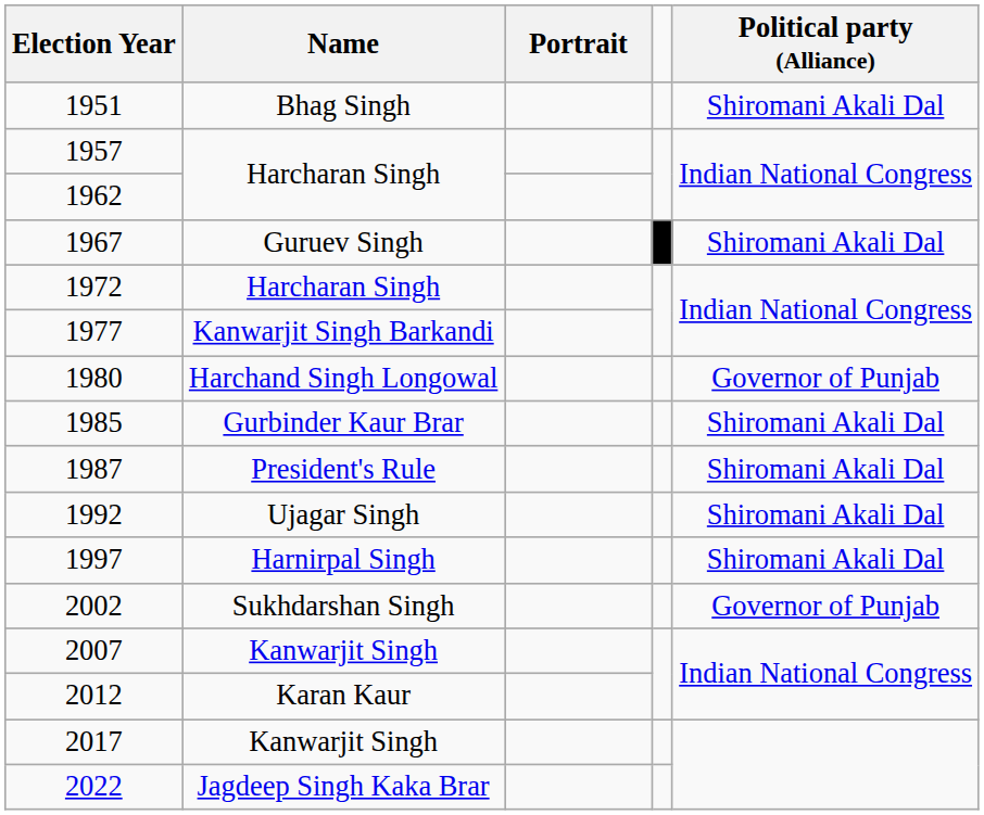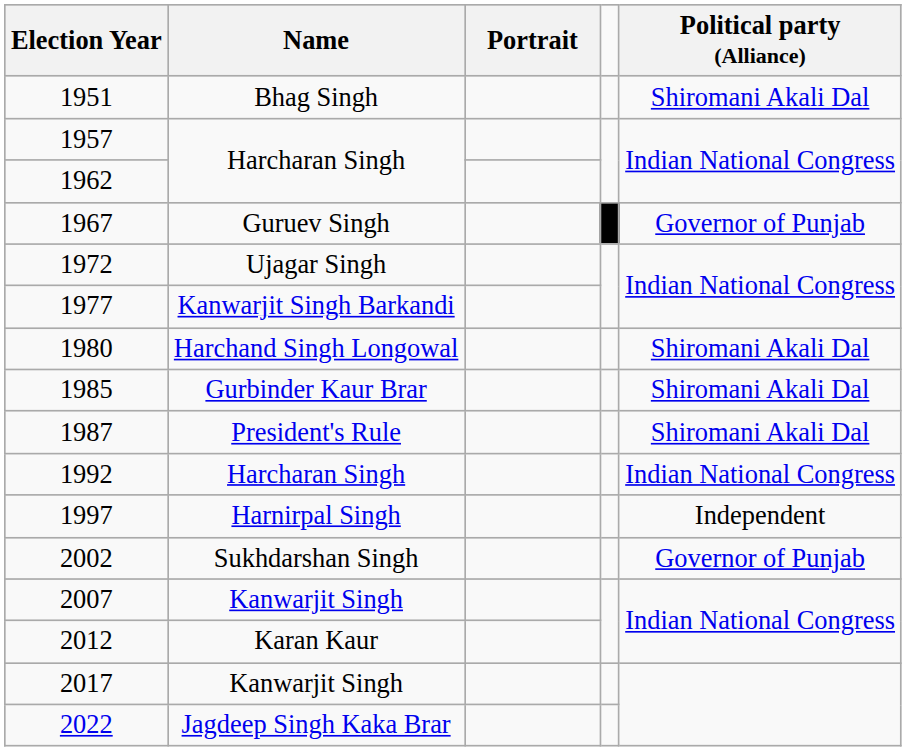 <table class="wikitable sortable">
 <tr align="center">
 <th>Election Year</th>
 <th>Name</th>
 <th width=75>Portrait</th>
 <td></td>
 <th>Political party<br><small>(Alliance)</small></th>
 </tr>
 <tr align="center">
 <td>1951</td>
 <td>Bhag Singh</td>
 <td></td>
 <td width="4px"></td>
 <td><a href='#'>Shiromani Akali Dal</a></td>
 </tr>
 <tr align="center">
 <td>1957</td>
 <td rowspan="2">Harcharan Singh</td>
 <td></td>
 <td rowspan="2"></td>
 <td rowspan="2"><a href='#'>Indian National Congress</a></td>
 </tr>
 <tr align="center">
 <td>1962</td>
 <td></td>
 </tr>
 <tr align="center">
 <td>1967</td>
 <td>Guruev Singh</td>
 <td></td>
 <td bgcolor=“></td>
-<td><a href='#'>Shiromani Akali Dal</a></td>
+<td><a href='#'>Governor of Punjab</a></td>
 </tr>
 <tr align="center">
 <td>1972</td>
-<td><a href='#'>Harcharan Singh</a></td>
+<td>Ujagar Singh</td>
 <td></td>
 <td rowspan="2"></td>
 <td rowspan="2"><a href='#'>Indian National Congress</a></td>
 </tr>
 <tr align="center">
 <td>1977</td>
 <td><a href='#'>Kanwarjit Singh Barkandi</a></td>
 <td></td>
 </tr>
 <tr align="center">
 <td>1980</td>
 <td><a href='#'>Harchand Singh Longowal</a></td>
 <td></td>
 <td></td>
-<td><a href='#'>Governor of Punjab</a></td>
+<td><a href='#'>Shiromani Akali Dal</a></td>
 </tr>
 <tr align="center">
 <td>1985</td>
 <td><a href='#'>Gurbinder Kaur Brar</a></td>
 <td></td>
 <td></td>
 <td><a href='#'>Shiromani Akali Dal</a></td>
 </tr>
 <tr align="center">
 <td>1987</td>
 <td><a href='#'>President's Rule</a></td>
 <td></td>
 <td></td>
 <td><a href='#'>Shiromani Akali Dal</a></td>
 </tr>
 <tr align=center>
 <td>1992</td>
-<td>Ujagar Singh</td>
+<td><a href='#'>Harcharan Singh</a></td>
 <td></td>
 <td width="4px"></td>
-<td><a href='#'>Shiromani Akali Dal</a></td>
+<td><a href='#'>Indian National Congress</a></td>
 </tr>
 <tr align=center>
 <td>1997</td>
 <td><a href='#'>Harnirpal Singh</a></td>
 <td></td>
 <td width="4px"></td>
-<td><a href='#'>Shiromani Akali Dal</a></td>
+<td>Independent</td>
 </tr>
 <tr align=center>
 <td>2002</td>
 <td>Sukhdarshan Singh</td>
 <td></td>
 <td></td>
 <td><a href='#'>Governor of Punjab</a></td>
 </tr>
 <tr align="center">
 <td>2007</td>
 <td><a href='#'>Kanwarjit Singh</a></td>
 <td></td>
 <td rowspan="2"></td>
 <td rowspan="2"><a href='#'>Indian National Congress</a></td>
 </tr>
 <tr align="center">
 <td>2012</td>
 <td>Karan Kaur</td>
 <td></td>
 </tr>
 <tr align="center">
 <td>2017</td>
 <td>Kanwarjit Singh</td>
 <td></td>
 <td></td>
 </tr>
 <tr align="center">
 <td><a href='#'>2022</a></td>
 <td><a href='#'>Jagdeep Singh Kaka Brar</a></td>
 <td></td>
 <td></td>
 </tr>
 </table>
